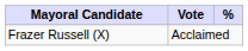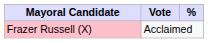 <table class="wikitable">
 <tr>
 <th style="background:#ddf; width:200px;">Mayoral Candidate</th>
 <th style="background:#ddf; width:50px;">Vote</th>
 <th style="background:#ddf; width:30px;">%</th>
 </tr>
 <tr>
-<td>Frazer Russell (X)</td>
+<td style="background: pink;">Frazer Russell (X)</td>
 <td colspan="2">Acclaimed</td>
 </tr>
 </table>
